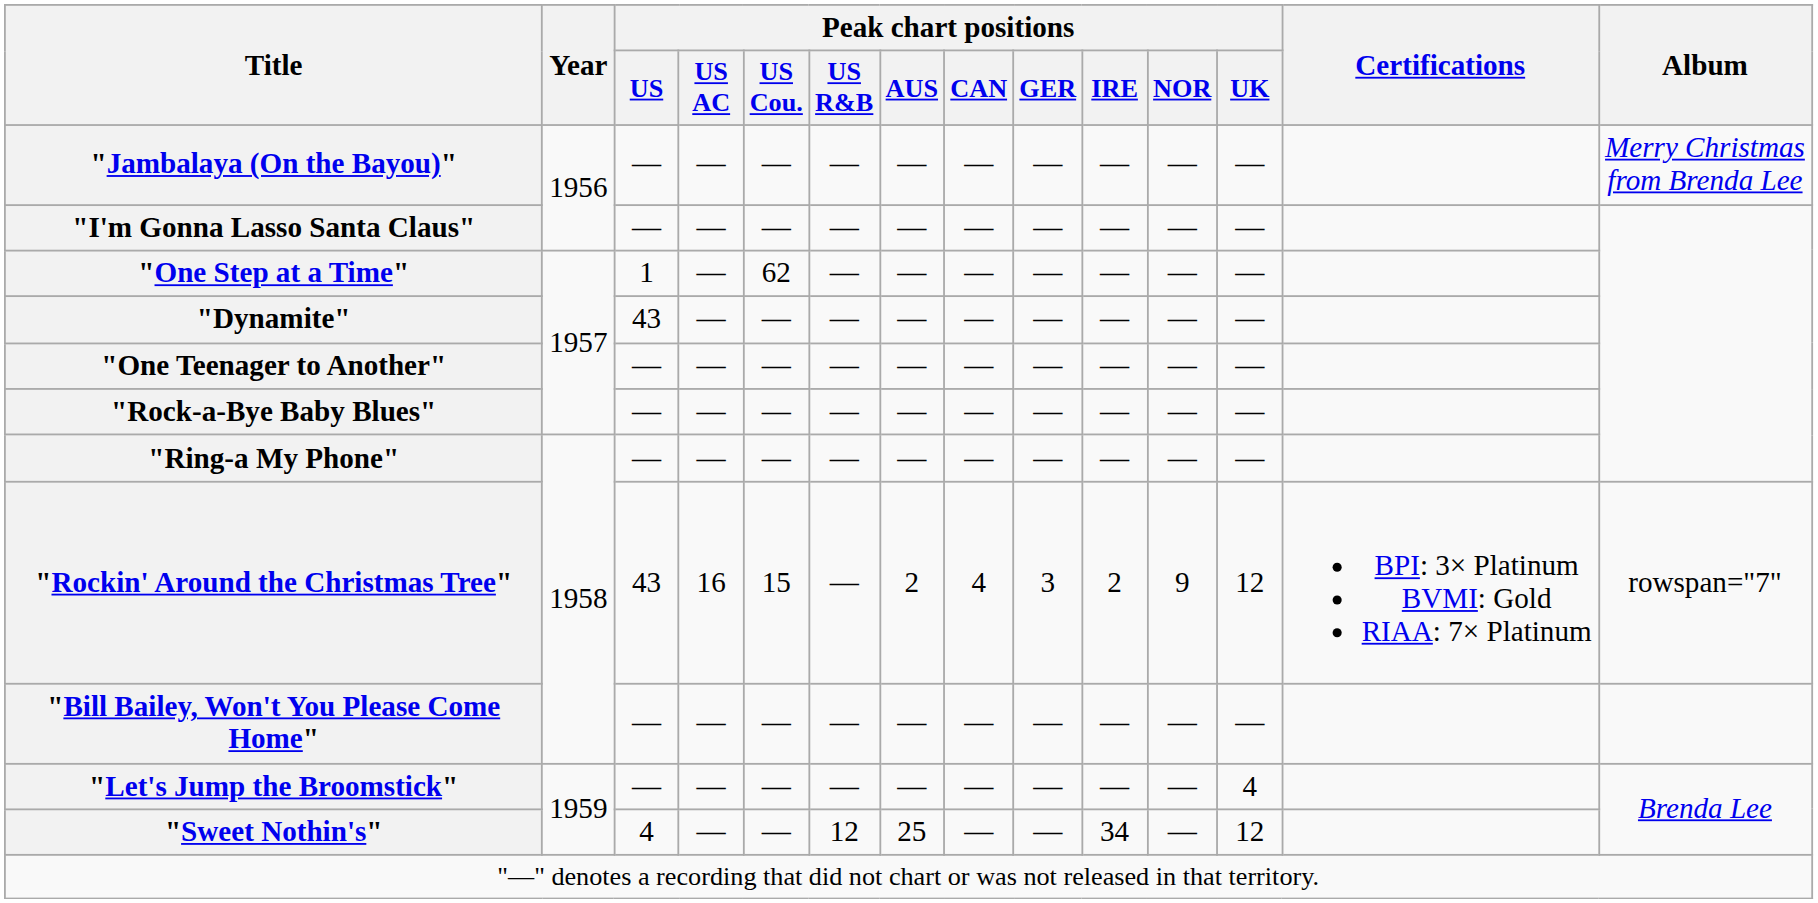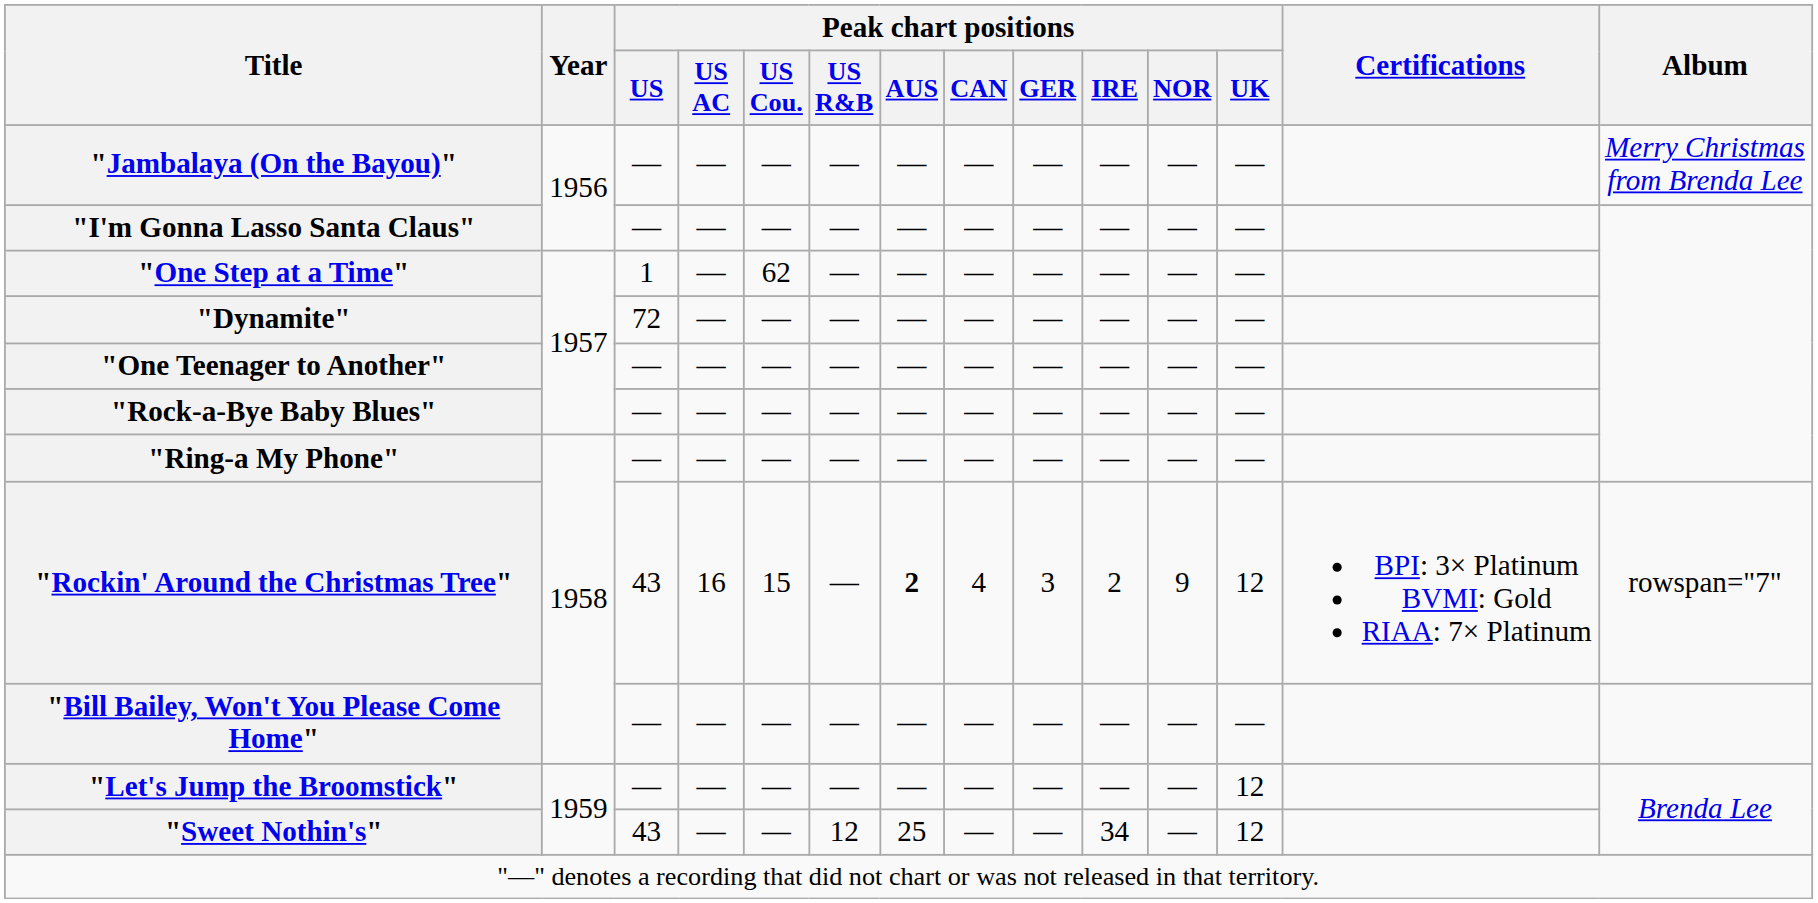 <table class="wikitable plainrowheaders" style="text-align:center;" border="1">
 <tr>
 <th scope="col" rowspan="2" style="width:18em;">Title</th>
 <th scope="col" rowspan="2">Year</th>
 <th scope="col" colspan="10">Peak chart positions</th>
 <th scope="col" rowspan="2"><a href='#'>Certifications</a></th>
 <th scope="col" rowspan="2">Album</th>
 </tr>
 <tr>
 <th scope="col" style="width:2em;font-size:90%;"><a href='#'>US</a><br></th>
 <th scope="col" style="width:2em;font-size:90%;"><a href='#'>US AC</a><br></th>
 <th scope="col" style="width:2em;font-size:90%;"><a href='#'>US<br>Cou.</a><br></th>
 <th scope="col" style="width:2em;font-size:90%;"><a href='#'>US<br>R&B</a><br></th>
 <th scope="col" style="width:2em;font-size:90%;"><a href='#'>AUS</a><br></th>
 <th scope="col" style="width:2em;font-size:90%;"><a href='#'>CAN</a><br></th>
 <th scope="col" style="width:2em;font-size:90%;"><a href='#'>GER</a><br></th>
 <th scope="col" style="width:2em;font-size:90%;"><a href='#'>IRE</a><br></th>
 <th scope="col" style="width:2em;font-size:90%;"><a href='#'>NOR</a><br></th>
 <th scope="col" style="width:2em;font-size:90%;"><a href='#'>UK</a><br></th>
 </tr>
 <tr>
 <th scope="row">"<a href='#'>Jambalaya (On the Bayou)</a>"</th>
 <td rowspan="2">1956</td>
 <td>—</td>
 <td>—</td>
 <td>—</td>
 <td>—</td>
 <td>—</td>
 <td>—</td>
 <td>—</td>
 <td>—</td>
 <td>—</td>
 <td>—</td>
 <td></td>
 <td><em><a href='#'>Merry Christmas<br>from Brenda Lee</a></em></td>
 </tr>
 <tr>
 <th scope="row">"I'm Gonna Lasso Santa Claus"</th>
 <td>—</td>
 <td>—</td>
 <td>—</td>
 <td>—</td>
 <td>—</td>
 <td>—</td>
 <td>—</td>
 <td>—</td>
 <td>—</td>
 <td>—</td>
 <td></td>
 </tr>
 <tr>
 <th scope="row">"<a href='#'>One Step at a Time</a>"</th>
 <td rowspan="4">1957</td>
 <td>1</td>
 <td>—</td>
 <td>62</td>
 <td>—</td>
 <td>—</td>
 <td>—</td>
 <td>—</td>
 <td>—</td>
 <td>—</td>
 <td>—</td>
 <td></td>
 </tr>
 <tr>
 <th scope="row">"Dynamite"</th>
-<td>43</td>
+<td>72</td>
 <td>—</td>
 <td>—</td>
 <td>—</td>
 <td>—</td>
 <td>—</td>
 <td>—</td>
 <td>—</td>
 <td>—</td>
 <td>—</td>
 <td></td>
 </tr>
 <tr>
 <th scope="row">"One Teenager to Another"</th>
 <td>—</td>
 <td>—</td>
 <td>—</td>
 <td>—</td>
 <td>—</td>
 <td>—</td>
 <td>—</td>
 <td>—</td>
 <td>—</td>
 <td>—</td>
 <td></td>
 </tr>
 <tr>
 <th scope="row">"Rock-a-Bye Baby Blues"</th>
 <td>—</td>
 <td>—</td>
 <td>—</td>
 <td>—</td>
 <td>—</td>
 <td>—</td>
 <td>—</td>
 <td>—</td>
 <td>—</td>
 <td>—</td>
 <td></td>
 </tr>
 <tr>
 <th scope="row">"Ring-a My Phone"</th>
 <td rowspan="3">1958</td>
 <td>—</td>
 <td>—</td>
 <td>—</td>
 <td>—</td>
 <td>—</td>
 <td>—</td>
 <td>—</td>
 <td>—</td>
 <td>—</td>
 <td>—</td>
 <td></td>
 </tr>
 <tr>
 <th scope="row">"<a href='#'>Rockin' Around the Christmas Tree</a>"</th>
 <td>43</td>
 <td>16</td>
 <td>15</td>
 <td>—</td>
-<td>2</td>
+<td><strong>2</strong></td>
 <td>4</td>
 <td>3</td>
 <td>2<br></td>
 <td>9</td>
 <td>12</td>
 <td><br><ul><li><a href='#'>BPI</a>: 3× Platinum</li><li><a href='#'>BVMI</a>: Gold</li><li><a href='#'>RIAA</a>: 7× Platinum</li></ul></td>
 <td>rowspan="7" </td>
 </tr>
 <tr>
 <th scope="row">"<a href='#'>Bill Bailey, Won't You Please Come<br>Home</a>"</th>
 <td>—</td>
 <td>—</td>
 <td>—</td>
 <td>—</td>
 <td>—</td>
 <td>—</td>
 <td>—</td>
 <td>—</td>
 <td>—</td>
 <td>—</td>
 <td></td>
 <td></td>
 </tr>
 <tr>
 <th scope="row">"<a href='#'>Let's Jump the Broomstick</a>"</th>
 <td rowspan="2">1959</td>
 <td>—</td>
 <td>—</td>
 <td>—</td>
 <td>—</td>
 <td>—</td>
 <td>—</td>
 <td>—</td>
 <td>—</td>
 <td>—</td>
-<td>4</td>
+<td>12</td>
 <td></td>
 <td rowspan="2"><em><a href='#'>Brenda Lee</a></em></td>
 </tr>
 <tr>
 <th scope="row">"<a href='#'>Sweet Nothin's</a>"</th>
-<td>4</td>
+<td>43</td>
 <td>—</td>
 <td>—</td>
 <td>12</td>
 <td>25</td>
 <td>—</td>
 <td>—</td>
 <td>34</td>
 <td>—</td>
 <td>12</td>
 <td></td>
 </tr>
 <tr>
 <td colspan="14" style="font-size:90%">"—" denotes a recording that did not chart or was not released in that territory.</td>
 </tr>
 </table>
